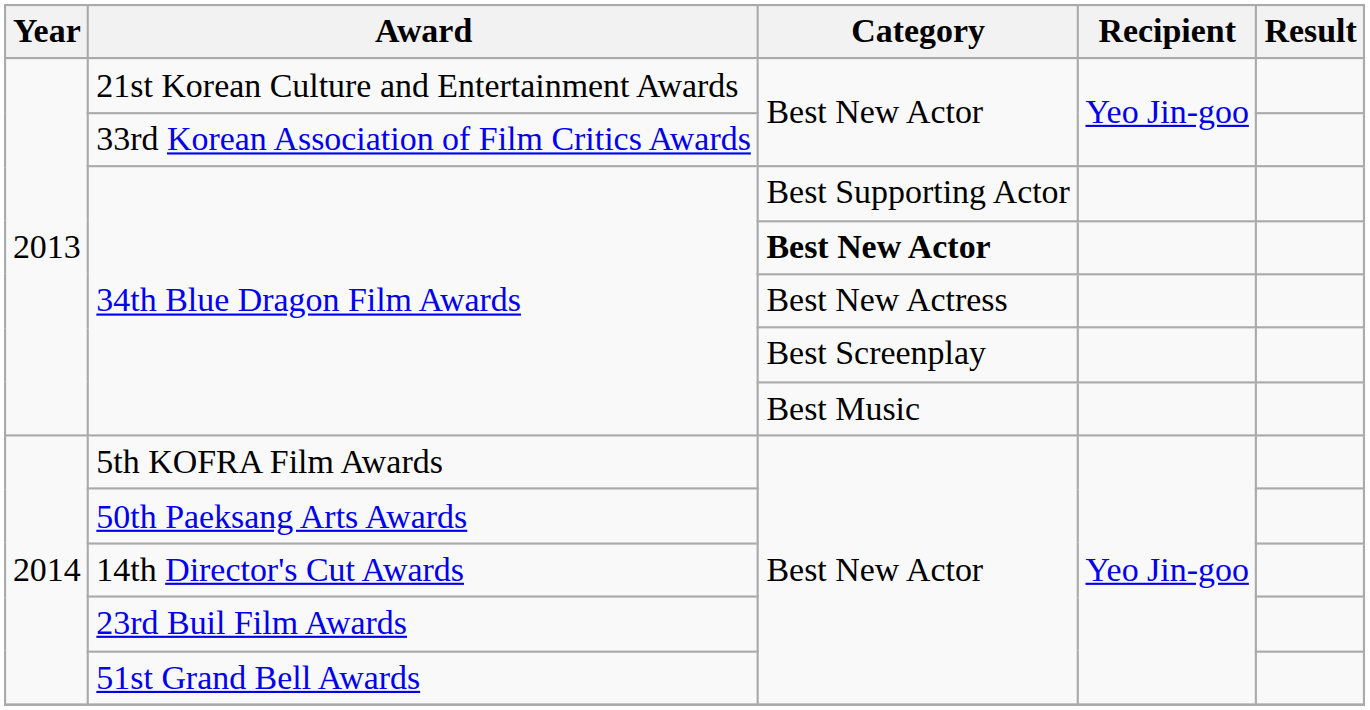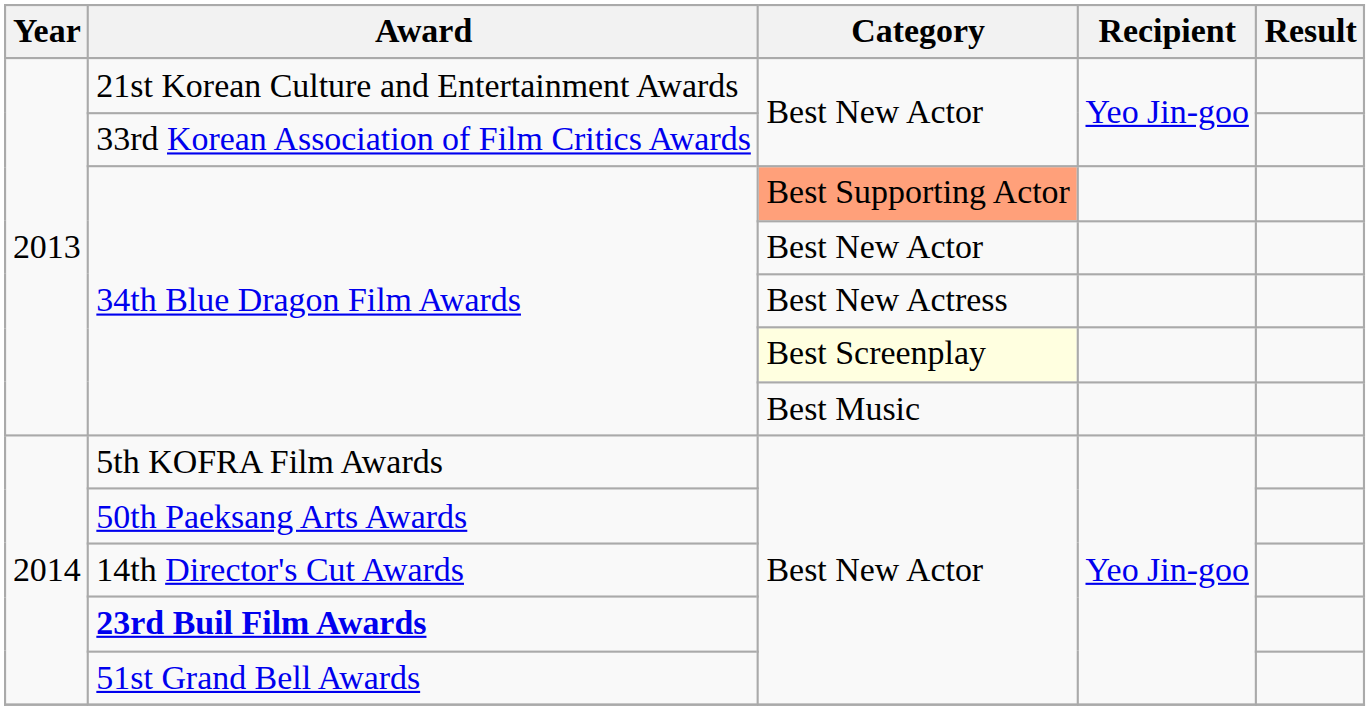 <table class="wikitable">
 <tr>
 <th>Year</th>
 <th>Award</th>
 <th>Category</th>
 <th>Recipient</th>
 <th>Result</th>
 </tr>
 <tr>
 <td rowspan=7 style="text-align:center;">2013</td>
 <td>21st Korean Culture and Entertainment Awards</td>
 <td rowspan=2>Best New Actor</td>
 <td rowspan=2 style="text-align:center;"><a href='#'>Yeo Jin-goo</a></td>
 <td></td>
 </tr>
 <tr>
 <td>33rd <a href='#'>Korean Association of Film Critics Awards</a></td>
 <td></td>
 </tr>
 <tr>
 <td rowspan=5><a href='#'>34th Blue Dragon Film Awards</a></td>
-<td>Best Supporting Actor</td>
+<td style="background: lightsalmon;">Best Supporting Actor</td>
 <td></td>
 <td></td>
 </tr>
 <tr>
-<td><strong>Best New Actor</strong></td>
+<td>Best New Actor</td>
 <td></td>
 <td></td>
 </tr>
 <tr>
 <td>Best New Actress</td>
 <td></td>
 <td></td>
 </tr>
 <tr>
-<td>Best Screenplay</td>
+<td style="background: lightyellow;">Best Screenplay</td>
 <td></td>
 <td></td>
 </tr>
 <tr>
 <td>Best Music</td>
 <td></td>
 <td></td>
 </tr>
 <tr>
 <td rowspan=5 style="text-align:center;">2014</td>
 <td>5th KOFRA Film Awards</td>
 <td rowspan=5>Best New Actor</td>
 <td rowspan=5 style="text-align:center;"><a href='#'>Yeo Jin-goo</a></td>
 <td></td>
 </tr>
 <tr>
 <td><a href='#'>50th Paeksang Arts Awards</a></td>
 <td></td>
 </tr>
 <tr>
 <td>14th <a href='#'>Director's Cut Awards</a></td>
 <td></td>
 </tr>
 <tr>
-<td><a href='#'>23rd Buil Film Awards</a></td>
+<td><strong><a href='#'>23rd Buil Film Awards</a></strong></td>
 <td></td>
 </tr>
 <tr>
 <td><a href='#'>51st Grand Bell Awards</a></td>
 <td></td>
 </tr>
 <tr>
 </tr>
 </table>
